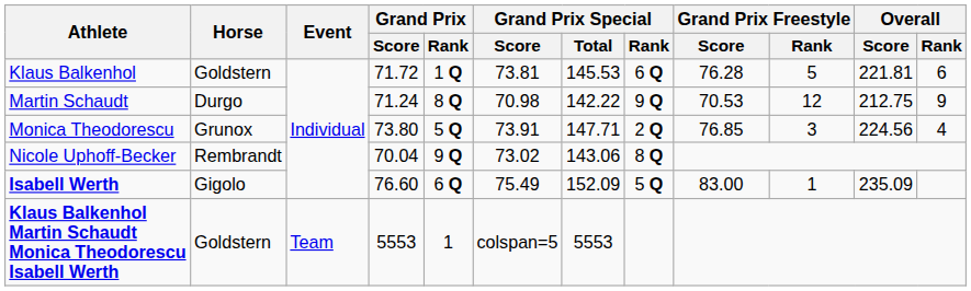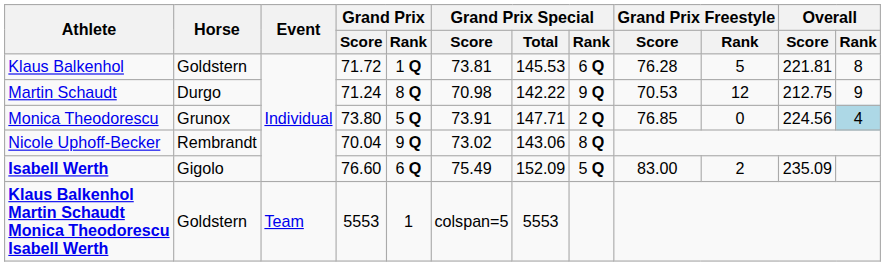 <table class=wikitable style="font-size:90%">
 <tr>
 <th rowspan="2">Athlete</th>
 <th rowspan="2">Horse</th>
 <th rowspan="2">Event</th>
 <th colspan="2">Grand Prix</th>
 <th colspan="3">Grand Prix Special</th>
 <th colspan="2">Grand Prix Freestyle</th>
 <th colspan="2">Overall</th>
 </tr>
 <tr style="font-size:95%">
 <th>Score</th>
 <th>Rank</th>
 <th>Score</th>
 <th>Total</th>
 <th>Rank</th>
 <th>Score</th>
 <th>Rank</th>
 <th>Score</th>
 <th>Rank</th>
 </tr>
 <tr align=center>
 <td align=left><a href='#'>Klaus Balkenhol</a></td>
 <td align=left>Goldstern</td>
 <td align=left rowspan=5><a href='#'>Individual</a></td>
 <td>71.72</td>
 <td>1 <strong>Q</strong></td>
 <td>73.81</td>
 <td>145.53</td>
 <td>6 <strong>Q</strong></td>
 <td>76.28</td>
 <td>5</td>
 <td>221.81</td>
-<td>6</td>
+<td>8</td>
 </tr>
 <tr align=center>
 <td align=left><a href='#'>Martin Schaudt</a></td>
 <td align=left>Durgo</td>
 <td>71.24</td>
 <td>8 <strong>Q</strong></td>
 <td>70.98</td>
 <td>142.22</td>
 <td>9 <strong>Q</strong></td>
 <td>70.53</td>
 <td>12</td>
 <td>212.75</td>
 <td>9</td>
 </tr>
 <tr align=center>
 <td align=left><a href='#'>Monica Theodorescu</a></td>
 <td align=left>Grunox</td>
 <td>73.80</td>
 <td>5 <strong>Q</strong></td>
 <td>73.91</td>
 <td>147.71</td>
 <td>2 <strong>Q</strong></td>
 <td>76.85</td>
-<td>3</td>
+<td>0</td>
 <td>224.56</td>
-<td>4</td>
+<td style="background: lightblue;">4</td>
 </tr>
 <tr align=center>
 <td align=left><a href='#'>Nicole Uphoff-Becker</a></td>
 <td align=left>Rembrandt</td>
 <td>70.04</td>
 <td>9 <strong>Q</strong></td>
 <td>73.02</td>
 <td>143.06</td>
 <td>8 <strong>Q</strong></td>
 <td colspan=4></td>
 </tr>
 <tr align=center>
 <td align=left><strong><a href='#'>Isabell Werth</a></strong></td>
 <td align=left>Gigolo</td>
 <td>76.60</td>
 <td>6 <strong>Q</strong></td>
 <td>75.49</td>
 <td>152.09</td>
 <td>5 <strong>Q</strong></td>
 <td>83.00</td>
-<td>1</td>
+<td>2</td>
 <td>235.09</td>
 <td></td>
 </tr>
 <tr align=center>
 <td align=left><strong><a href='#'>Klaus Balkenhol</a><br><a href='#'>Martin Schaudt</a><br><a href='#'>Monica Theodorescu</a><br><a href='#'>Isabell Werth</a></strong></td>
 <td align=left>Goldstern</td>
 <td align=left><a href='#'>Team</a></td>
 <td>5553</td>
 <td>1</td>
 <td>colspan=5</td>
 <td>5553</td>
 <td></td>
 </tr>
 </table>
